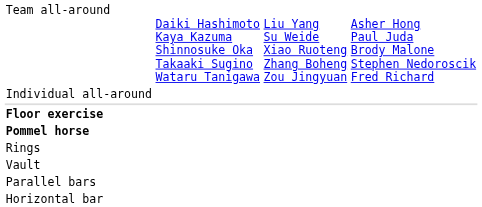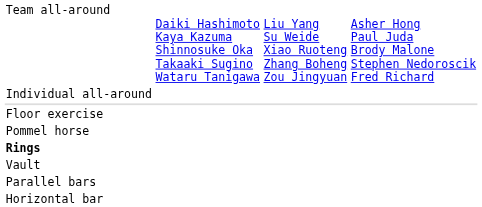 <table>
 <tr valign="top">
 <td>Team all-around<br></td>
 <td><br><a href='#'>Daiki Hashimoto</a><br><a href='#'>Kaya Kazuma</a><br><a href='#'>Shinnosuke Oka</a><br><a href='#'>Takaaki Sugino</a><br><a href='#'>Wataru Tanigawa</a></td>
 <td><br><a href='#'>Liu Yang</a><br><a href='#'>Su Weide</a><br><a href='#'>Xiao Ruoteng</a><br><a href='#'>Zhang Boheng</a><br><a href='#'>Zou Jingyuan</a></td>
 <td><br><a href='#'>Asher Hong</a><br><a href='#'>Paul Juda</a><br><a href='#'>Brody Malone</a><br><a href='#'>Stephen Nedoroscik</a><br><a href='#'>Fred Richard</a></td>
 </tr>
 <tr>
 <td>Individual all-around<br></td>
 <td></td>
 <td></td>
 <td></td>
 </tr>
 <tr bgcolor=#DDDDDD>
 <td colspan=7></td>
 </tr>
 <tr>
-<td><strong>Floor exercise<br></strong></td>
+<td>Floor exercise<br></td>
 <td></td>
 <td></td>
 <td></td>
 </tr>
 <tr>
-<td><strong>Pommel horse<br></strong></td>
+<td>Pommel horse<br></td>
 <td></td>
 <td></td>
 <td></td>
 </tr>
 <tr>
-<td>Rings<br></td>
+<td><strong>Rings<br></strong></td>
 <td></td>
 <td></td>
 <td></td>
 </tr>
 <tr>
 <td>Vault<br></td>
 <td></td>
 <td></td>
 <td></td>
 </tr>
 <tr>
 <td>Parallel bars<br></td>
 <td></td>
 <td></td>
 <td></td>
 </tr>
 <tr>
 <td rowspan=2>Horizontal bar<br></td>
 <td rowspan=2></td>
 <td rowspan=2></td>
 <td></td>
 </tr>
 <tr>
 <td></td>
 </tr>
 </table>
